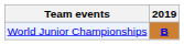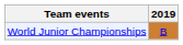 <table class="wikitable" style="font-size: 90%; text-align:center">
 <tr>
 <th>Team events</th>
 <th>2019</th>
 </tr>
 <tr>
 <td bgcolor="#ECF2FF"; align="left"><a href='#'>World Junior Championships</a></td>
-<td bgcolor=CD7F32><strong><a href='#'>B</a></strong></td>
+<td bgcolor=CD7F32><a href='#'>B</a></td>
 </tr>
 </table>
